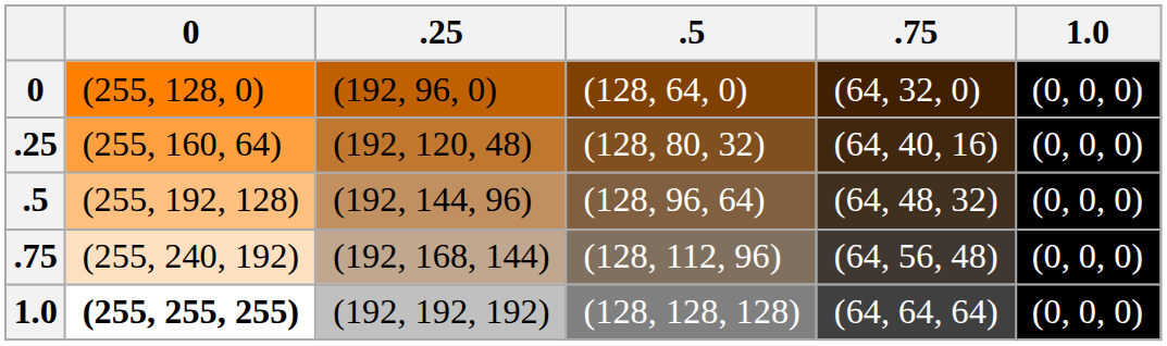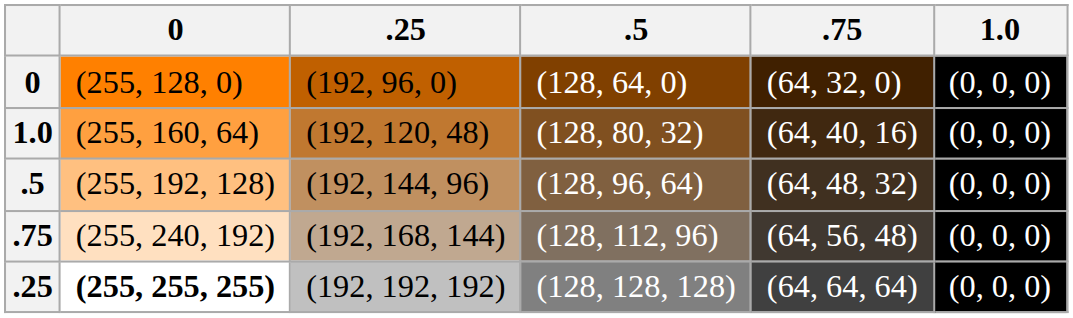 <table class="wikitable">
 <tr>
 <th></th>
 <th>0</th>
 <th>.25</th>
 <th>.5</th>
 <th>.75</th>
 <th>1.0</th>
 </tr>
 <tr>
 <th>0</th>
 <td style="background: #ff8000;"> (255, 128, 0) </td>
 <td style="background: #C06000;"> (192, 96, 0) </td>
 <td style="background: #804000; color: #fff;"> (128, 64, 0) </td>
 <td style="background: #402000; color: #fff;"> (64, 32, 0) </td>
 <td style="background: #000000; color: #fff;"> (0, 0, 0) </td>
 </tr>
 <tr>
-<th>.25</th>
+<th>1.0</th>
 <td style="background: #ffa040;"> (255, 160, 64) </td>
 <td style="background: #c07830;"> (192, 120, 48) </td>
 <td style="background: #805020; color: #fff;"> (128, 80, 32) </td>
 <td style="background: #402810; color: #fff;"> (64, 40, 16) </td>
 <td style="background: #000000; color: #fff;"> (0, 0, 0) </td>
 </tr>
 <tr>
 <th>.5</th>
 <td style="background: #ffc080;"> (255, 192, 128) </td>
 <td style="background: #C09060;"> (192, 144, 96) </td>
 <td style="background: #806040; color: #fff;"> (128, 96, 64) </td>
 <td style="background: #403020; color: #fff;"> (64, 48, 32) </td>
 <td style="background: #000000; color: #fff;"> (0, 0, 0) </td>
 </tr>
 <tr>
 <th>.75</th>
 <td style="background: #ffe0c0;"> (255, 240, 192) </td>
 <td style="background: #c0a890;"> (192, 168, 144) </td>
 <td style="background: #807060; color: #fff;"> (128, 112, 96) </td>
 <td style="background: #403830; color: #fff;"> (64, 56, 48) </td>
 <td style="background: #000000; color: #fff;"> (0, 0, 0) </td>
 </tr>
 <tr>
-<th>1.0</th>
+<th>.25</th>
 <td style="background: #ffff;"><strong> (255, 255, 255) </strong></td>
 <td style="background: #c0c0c0;"> (192, 192, 192) </td>
 <td style="background: #808080; color: #fff;"> (128, 128, 128) </td>
 <td style="background: #404040; color: #fff;"> (64, 64, 64) </td>
 <td style="background: #000000; color: #fff;"> (0, 0, 0) </td>
 </tr>
 </table>
